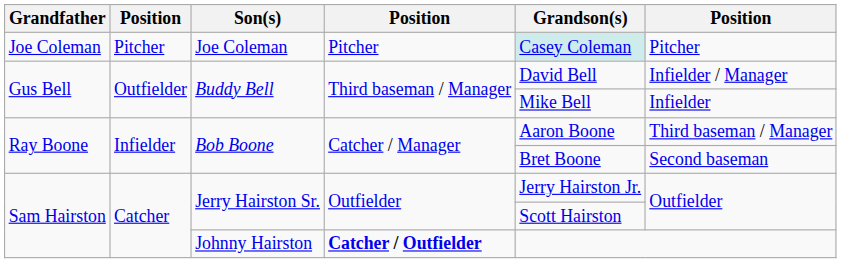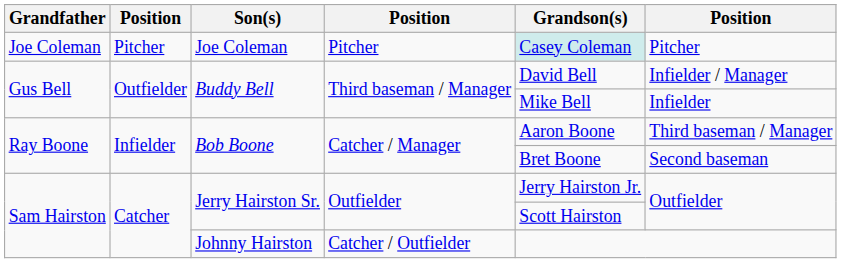 <table class="wikitable sortable">
 <tr>
 <th>Grandfather</th>
 <th>Position</th>
 <th>Son(s)</th>
 <th>Position</th>
 <th>Grandson(s)</th>
 <th>Position</th>
 </tr>
 <tr>
 <td><a href='#'>Joe Coleman</a></td>
 <td><a href='#'>Pitcher</a></td>
 <td><a href='#'>Joe Coleman</a></td>
 <td><a href='#'>Pitcher</a></td>
 <td bgcolor="#cfecec"><a href='#'>Casey Coleman</a></td>
 <td><a href='#'>Pitcher</a></td>
 </tr>
 <tr>
 <td rowspan="2"><a href='#'>Gus Bell</a></td>
 <td rowspan="2"><a href='#'>Outfielder</a></td>
 <td rowspan="2"><em><a href='#'>Buddy Bell</a></em></td>
 <td rowspan="2"><a href='#'>Third baseman</a> / <a href='#'>Manager</a></td>
 <td><a href='#'>David Bell</a></td>
 <td><a href='#'>Infielder</a> / <a href='#'>Manager</a></td>
 </tr>
 <tr>
 <td><a href='#'>Mike Bell</a></td>
 <td><a href='#'>Infielder</a></td>
 </tr>
 <tr>
 <td rowspan="2"><a href='#'>Ray Boone</a></td>
 <td rowspan="2"><a href='#'>Infielder</a></td>
 <td rowspan="2"><em><a href='#'>Bob Boone</a></em></td>
 <td rowspan="2"><a href='#'>Catcher</a> / <a href='#'>Manager</a></td>
 <td><a href='#'>Aaron Boone</a></td>
 <td><a href='#'>Third baseman</a> / <a href='#'>Manager</a></td>
 </tr>
 <tr>
 <td><a href='#'>Bret Boone</a></td>
 <td><a href='#'>Second baseman</a></td>
 </tr>
 <tr>
 <td rowspan="4"><a href='#'>Sam Hairston</a></td>
 <td rowspan="4"><a href='#'>Catcher</a></td>
 <td rowspan="2"><a href='#'>Jerry Hairston Sr.</a></td>
 <td rowspan="2"><a href='#'>Outfielder</a></td>
 <td><a href='#'>Jerry Hairston Jr.</a></td>
 <td rowspan="2"><a href='#'>Outfielder</a></td>
 </tr>
 <tr>
 <td><a href='#'>Scott Hairston</a></td>
 </tr>
 <tr>
 <td><a href='#'>Johnny Hairston</a></td>
-<td><strong><a href='#'>Catcher</a> / <a href='#'>Outfielder</a></strong></td>
+<td><a href='#'>Catcher</a> / <a href='#'>Outfielder</a></td>
 </tr>
 </table>
